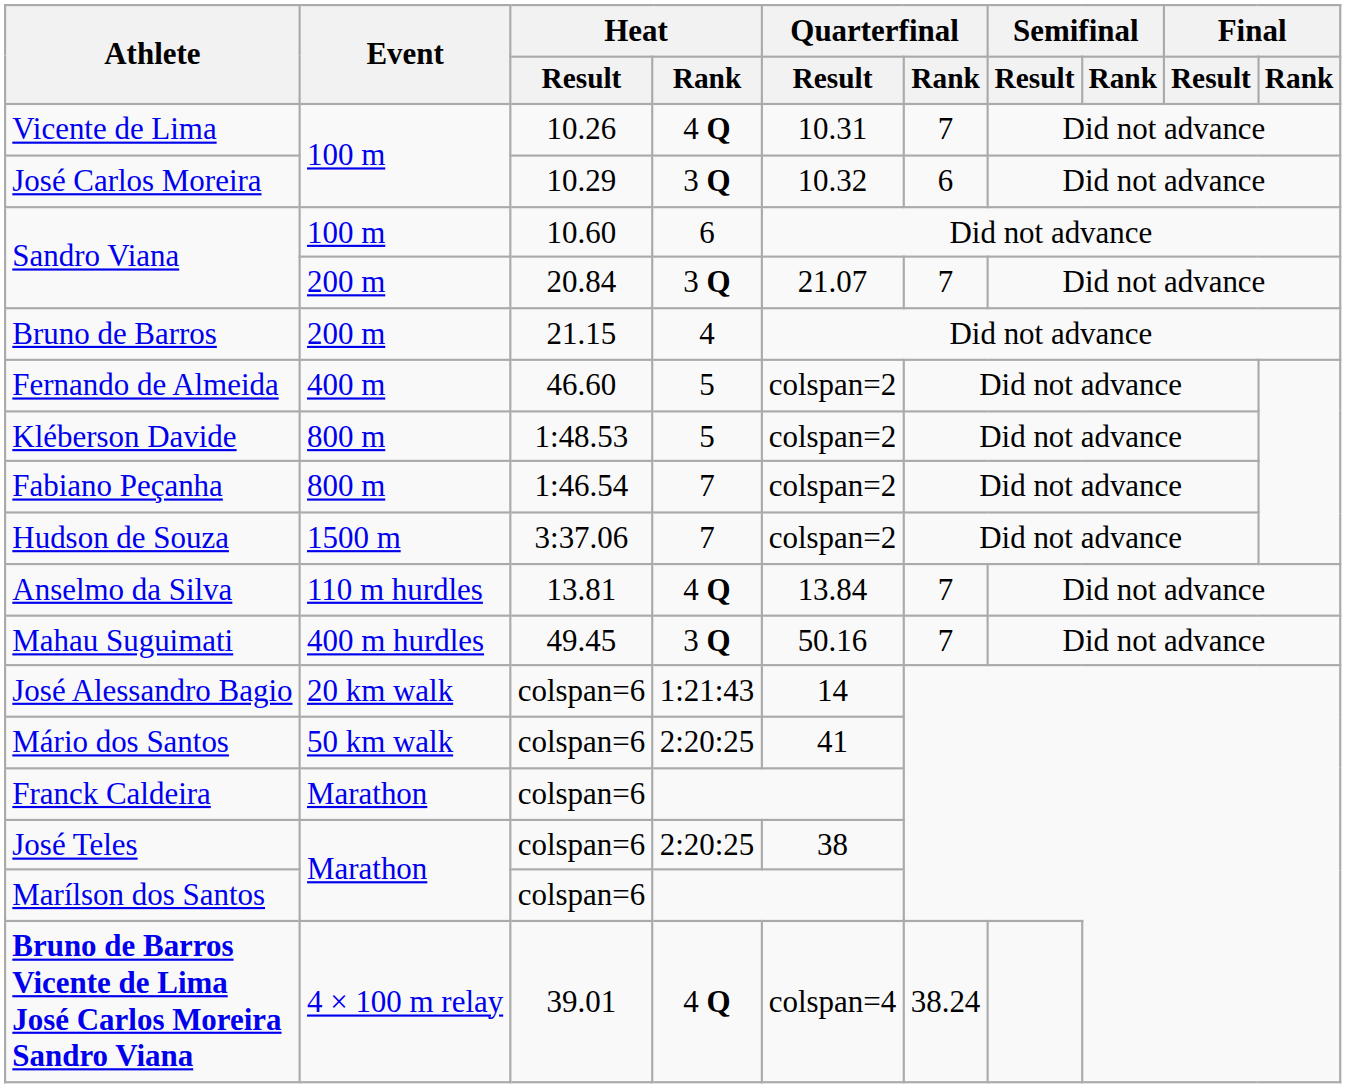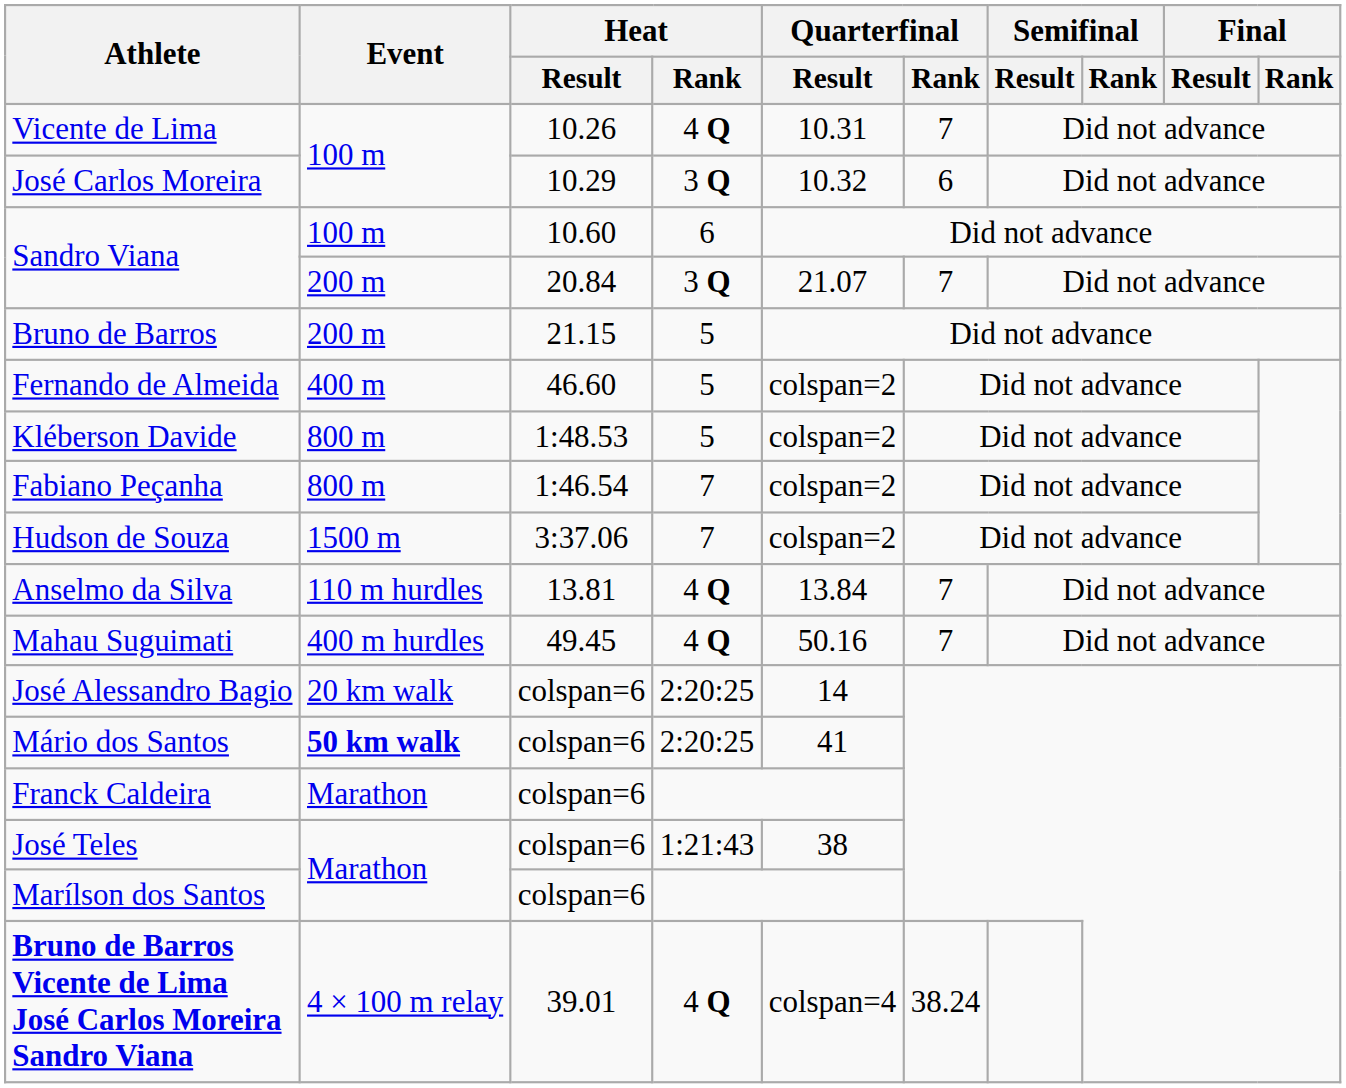 <table class=wikitable style="font-size:90%">
 <tr>
 <th rowspan="2">Athlete</th>
 <th rowspan="2">Event</th>
 <th colspan="2">Heat</th>
 <th colspan="2">Quarterfinal</th>
 <th colspan="2">Semifinal</th>
 <th colspan="2">Final</th>
 </tr>
 <tr style="font-size:95%">
 <th>Result</th>
 <th>Rank</th>
 <th>Result</th>
 <th>Rank</th>
 <th>Result</th>
 <th>Rank</th>
 <th>Result</th>
 <th>Rank</th>
 </tr>
 <tr align=center>
 <td align=left><a href='#'>Vicente de Lima</a></td>
 <td align=left rowspan=2><a href='#'>100 m</a></td>
 <td>10.26</td>
 <td>4 <strong>Q</strong></td>
 <td>10.31</td>
 <td>7</td>
 <td colspan=4>Did not advance</td>
 </tr>
 <tr align=center>
 <td align=left><a href='#'>José Carlos Moreira</a></td>
 <td>10.29</td>
 <td>3 <strong>Q</strong></td>
 <td>10.32</td>
 <td>6</td>
 <td colspan=4>Did not advance</td>
 </tr>
 <tr align=center>
 <td align=left rowspan="2"><a href='#'>Sandro Viana</a></td>
 <td align=left><a href='#'>100 m</a></td>
 <td>10.60</td>
 <td>6</td>
 <td colspan=6>Did not advance</td>
 </tr>
 <tr align=center>
 <td align=left><a href='#'>200 m</a></td>
 <td>20.84</td>
 <td>3 <strong>Q</strong></td>
 <td>21.07</td>
 <td>7</td>
 <td colspan=4>Did not advance</td>
 </tr>
 <tr align=center>
 <td align=left><a href='#'>Bruno de Barros</a></td>
 <td align=left><a href='#'>200 m</a></td>
 <td>21.15</td>
-<td>4</td>
+<td>5</td>
 <td colspan=6>Did not advance</td>
 </tr>
 <tr align=center>
 <td align=left><a href='#'>Fernando de Almeida</a></td>
 <td align=left><a href='#'>400 m</a></td>
 <td>46.60</td>
 <td>5</td>
 <td>colspan=2 </td>
 <td colspan=4>Did not advance</td>
 </tr>
 <tr align=center>
 <td align=left><a href='#'>Kléberson Davide</a></td>
 <td align=left><a href='#'>800 m</a></td>
 <td>1:48.53</td>
 <td>5</td>
 <td>colspan=2 </td>
 <td colspan=4>Did not advance</td>
 </tr>
 <tr align=center>
 <td align=left><a href='#'>Fabiano Peçanha</a></td>
 <td align=left><a href='#'>800 m</a></td>
 <td>1:46.54</td>
 <td>7</td>
 <td>colspan=2 </td>
 <td colspan=4>Did not advance</td>
 </tr>
 <tr align=center>
 <td align=left><a href='#'>Hudson de Souza</a></td>
 <td align=left><a href='#'>1500 m</a></td>
 <td>3:37.06</td>
 <td>7</td>
 <td>colspan=2 </td>
 <td colspan=4>Did not advance</td>
 </tr>
 <tr align=center>
 <td align=left><a href='#'>Anselmo da Silva</a></td>
 <td align=left><a href='#'>110 m hurdles</a></td>
 <td>13.81</td>
 <td>4 <strong>Q</strong></td>
 <td>13.84</td>
 <td>7</td>
 <td colspan=4>Did not advance</td>
 </tr>
 <tr align=center>
 <td align=left><a href='#'>Mahau Suguimati</a></td>
 <td align=left><a href='#'>400 m hurdles</a></td>
 <td>49.45</td>
-<td>3 <strong>Q</strong></td>
+<td>4 <strong>Q</strong></td>
 <td>50.16</td>
 <td>7</td>
 <td colspan=4>Did not advance</td>
 </tr>
 <tr align=center>
 <td align=left><a href='#'>José Alessandro Bagio</a></td>
 <td align=left><a href='#'>20 km walk</a></td>
 <td>colspan=6 </td>
-<td>1:21:43</td>
+<td>2:20:25</td>
 <td>14</td>
 </tr>
 <tr align=center>
 <td align=left><a href='#'>Mário dos Santos</a></td>
-<td align=left><a href='#'>50 km walk</a></td>
+<td align=left><strong><a href='#'>50 km walk</a></strong></td>
 <td>colspan=6 </td>
 <td>2:20:25</td>
 <td>41</td>
 </tr>
 <tr align=center>
 <td align=left><a href='#'>Franck Caldeira</a></td>
 <td align=left><a href='#'>Marathon</a></td>
 <td>colspan=6 </td>
 <td colspan=2></td>
 </tr>
 <tr align=center>
 <td align=left><a href='#'>José Teles</a></td>
 <td align=left rowspan=2><a href='#'>Marathon</a></td>
 <td>colspan=6 </td>
-<td>2:20:25</td>
+<td>1:21:43</td>
 <td>38</td>
 </tr>
 <tr align=center>
 <td align=left><a href='#'>Marílson dos Santos</a></td>
 <td>colspan=6 </td>
 <td colspan=2></td>
 </tr>
 <tr align=center>
 <td align=left><strong><a href='#'>Bruno de Barros</a><br><a href='#'>Vicente de Lima</a><br><a href='#'>José Carlos Moreira</a><br><a href='#'>Sandro Viana</a></strong></td>
 <td align=left><a href='#'>4 × 100 m relay</a></td>
 <td>39.01</td>
 <td>4 <strong>Q</strong></td>
 <td>colspan=4 </td>
 <td>38.24</td>
 <td></td>
 </tr>
 </table>
